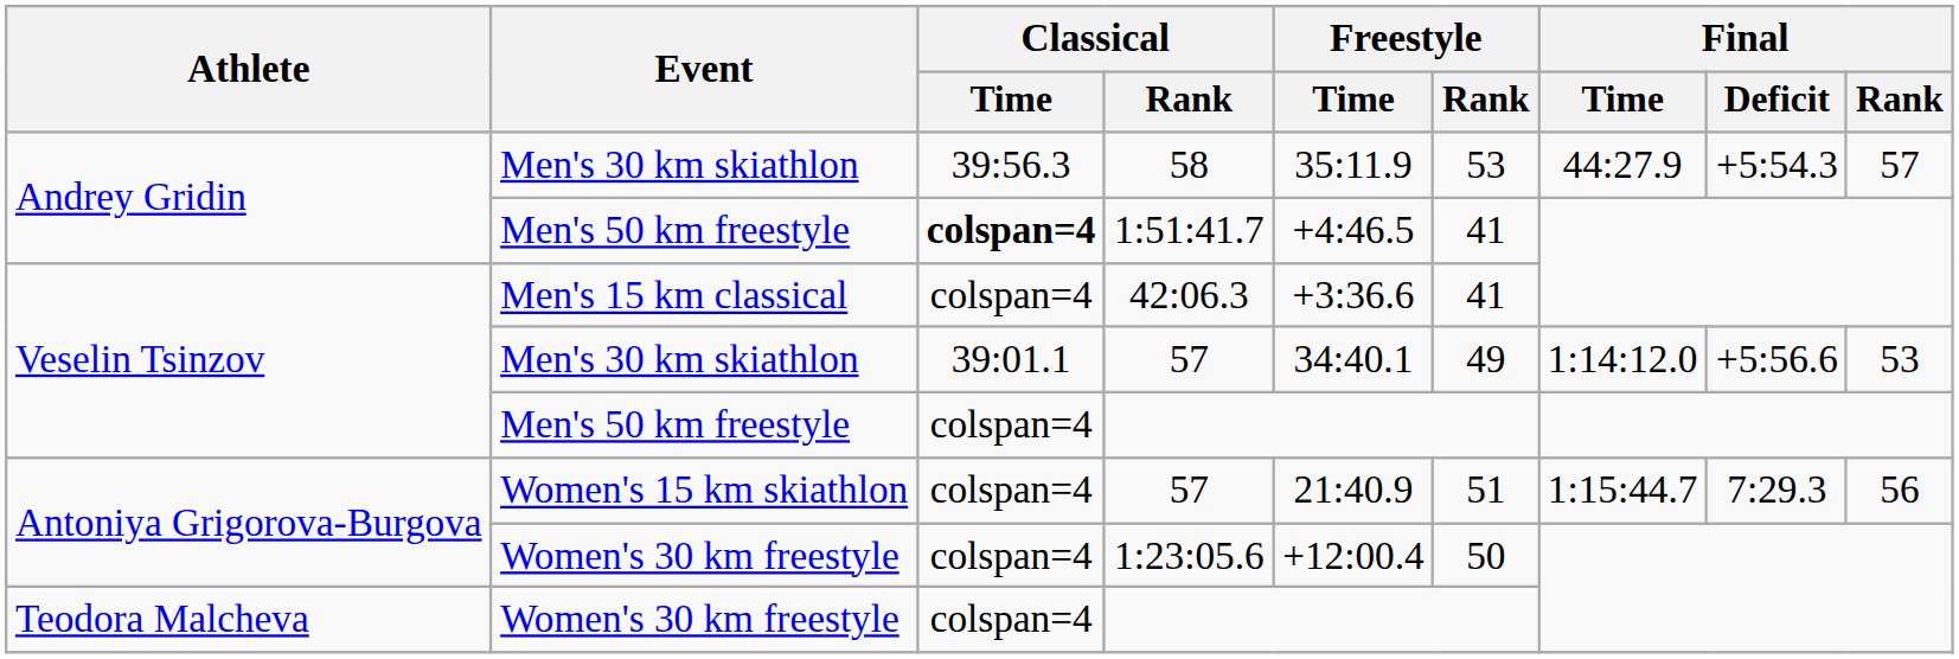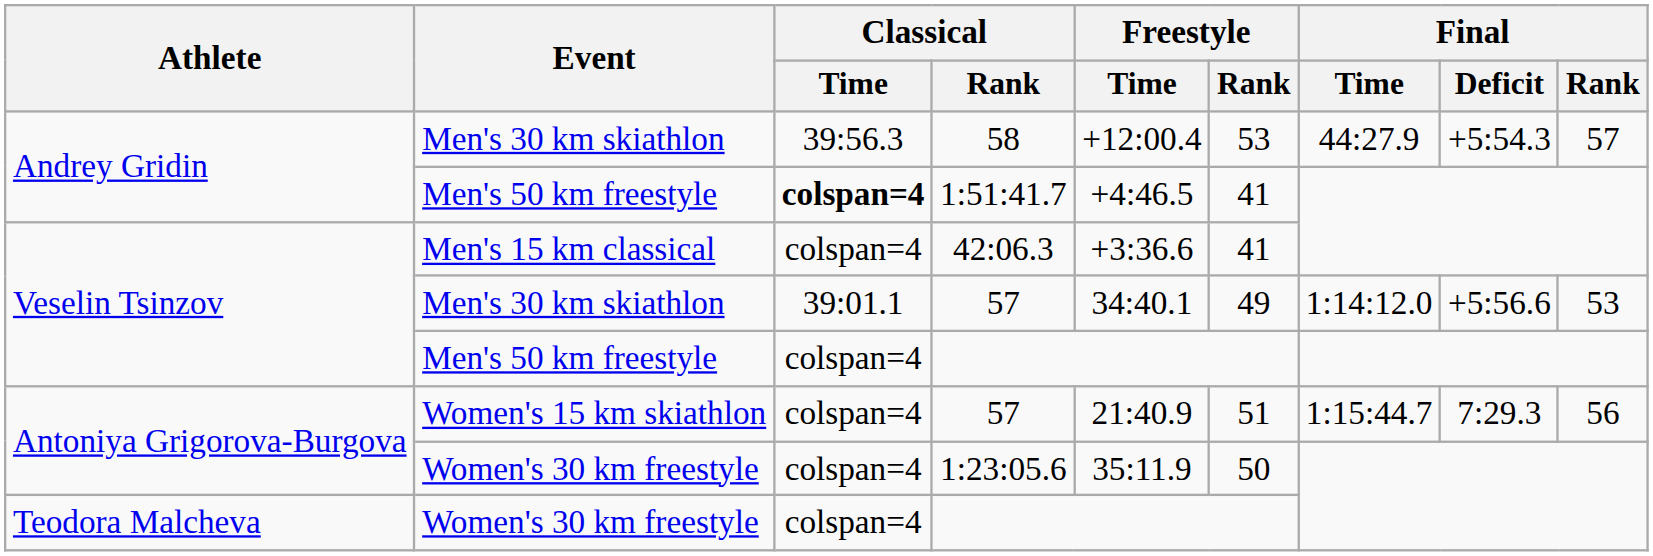 <table class="wikitable" style="font-size:90%">
 <tr>
 <th rowspan=2>Athlete</th>
 <th rowspan=2>Event</th>
 <th colspan=2>Classical</th>
 <th colspan=2>Freestyle</th>
 <th colspan=3>Final</th>
 </tr>
 <tr style="font-size: 95%">
 <th>Time</th>
 <th>Rank</th>
 <th>Time</th>
 <th>Rank</th>
 <th>Time</th>
 <th>Deficit</th>
 <th>Rank</th>
 </tr>
 <tr align=center>
 <td align=left rowspan=2><a href='#'>Andrey Gridin</a></td>
 <td align=left><a href='#'>Men's 30 km skiathlon</a></td>
 <td>39:56.3</td>
 <td>58</td>
-<td>35:11.9</td>
+<td>+12:00.4</td>
 <td>53</td>
 <td>44:27.9</td>
 <td>+5:54.3</td>
 <td>57</td>
 </tr>
 <tr align=center>
 <td align=left><a href='#'>Men's 50 km freestyle</a></td>
 <td><strong>colspan=4 </strong></td>
 <td>1:51:41.7</td>
 <td>+4:46.5</td>
 <td>41</td>
 </tr>
 <tr align=center>
 <td align=left rowspan=3><a href='#'>Veselin Tsinzov</a></td>
 <td align=left><a href='#'>Men's 15 km classical</a></td>
 <td>colspan=4 </td>
 <td>42:06.3</td>
 <td>+3:36.6</td>
 <td>41</td>
 </tr>
 <tr align=center>
 <td align=left><a href='#'>Men's 30 km skiathlon</a></td>
 <td>39:01.1</td>
 <td>57</td>
 <td>34:40.1</td>
 <td>49</td>
 <td>1:14:12.0</td>
 <td>+5:56.6</td>
 <td>53</td>
 </tr>
 <tr align=center>
 <td align=left><a href='#'>Men's 50 km freestyle</a></td>
 <td>colspan=4 </td>
 <td colspan=3></td>
 </tr>
 <tr align=center>
 <td align=left rowspan=2><a href='#'>Antoniya Grigorova-Burgova</a></td>
 <td align=left><a href='#'>Women's 15 km skiathlon</a></td>
 <td>colspan=4 </td>
 <td>57</td>
 <td>21:40.9</td>
 <td>51</td>
 <td>1:15:44.7</td>
 <td>7:29.3</td>
 <td>56</td>
 </tr>
 <tr align=center>
 <td align=left><a href='#'>Women's 30 km freestyle</a></td>
 <td>colspan=4 </td>
 <td>1:23:05.6</td>
-<td>+12:00.4</td>
+<td>35:11.9</td>
 <td>50</td>
 </tr>
 <tr align=center>
 <td align=left><a href='#'>Teodora Malcheva</a></td>
 <td align=left><a href='#'>Women's 30 km freestyle</a></td>
 <td>colspan=4 </td>
 <td colspan=3></td>
 </tr>
 </table>
